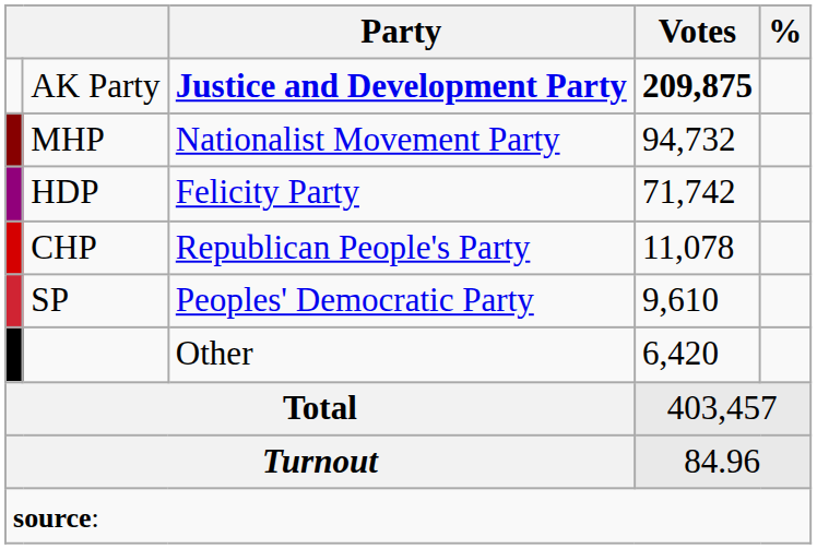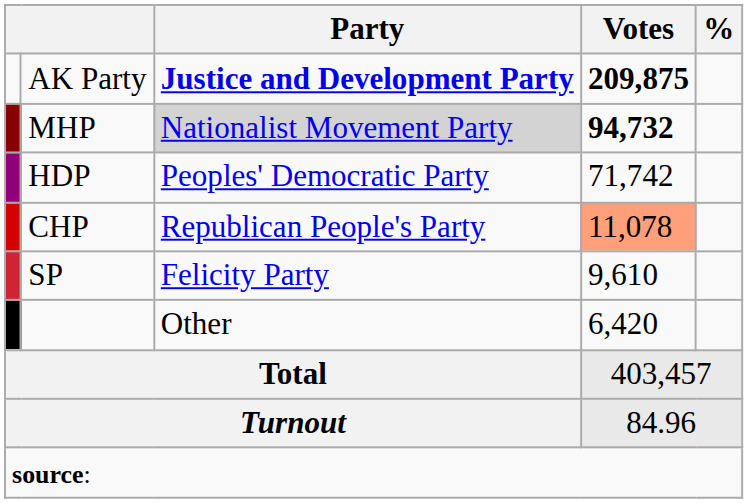 <table class="wikitable">
 <tr>
 <th colspan="2" align="center"></th>
 <th align="center">Party</th>
 <th align="center">Votes</th>
 <th align="center">%</th>
 </tr>
 <tr align="left">
 <td></td>
 <td>AK Party</td>
 <td><strong><a href='#'>Justice and Development Party</a></strong></td>
 <td><strong>209,875</strong></td>
 <td><strong></strong></td>
 </tr>
 <tr align="left">
 <td bgcolor="#870000" width="1"></td>
 <td>MHP</td>
-<td><a href='#'>Nationalist Movement Party</a></td>
-<td>94,732</td>
+<td style="background: lightgrey;"><a href='#'>Nationalist Movement Party</a></td>
+<td><strong>94,732</strong></td>
 <td></td>
 </tr>
 <tr align="left">
 <td bgcolor="#91007B" width="1"></td>
 <td>HDP</td>
-<td><a href='#'>Felicity Party</a></td>
+<td><a href='#'>Peoples' Democratic Party</a></td>
 <td>71,742</td>
 <td></td>
 </tr>
 <tr align="left">
 <td bgcolor="#d50000" width="1"></td>
 <td>CHP</td>
 <td><a href='#'>Republican People's Party</a></td>
-<td>11,078</td>
+<td style="background: lightsalmon;">11,078</td>
 <td></td>
 </tr>
 <tr align="left">
 <td bgcolor="#D02433" width="1"></td>
 <td>SP</td>
-<td><a href='#'>Peoples' Democratic Party</a></td>
+<td><a href='#'>Felicity Party</a></td>
 <td>9,610</td>
 <td></td>
 </tr>
 <tr align="left">
 <td bgcolor=" " width="1"></td>
 <td></td>
 <td>Other</td>
 <td>6,420</td>
 <td></td>
 </tr>
 <tr align="left" style="background-color:#E9E9E9">
 <th colspan="3" align="center"><strong>Total</strong></th>
 <td colspan="5" align="center">403,457</td>
 </tr>
 <tr align="left" style="background-color:#E9E9E9">
 <th colspan="3" align="center"><em>Turnout</em></th>
 <td colspan="5" align="center">84.96</td>
 </tr>
 <tr>
 <td colspan="9" align="left"><small><strong>source</strong>: </small></td>
 </tr>
 </table>
